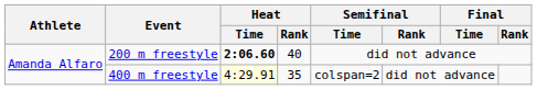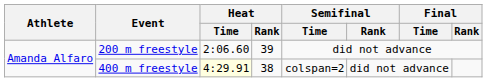 <table class=wikitable style="font-size:90%">
 <tr>
 <th rowspan="2">Athlete</th>
 <th rowspan="2">Event</th>
 <th colspan="2">Heat</th>
 <th colspan="2">Semifinal</th>
 <th colspan="2">Final</th>
 </tr>
 <tr style="font-size:95%">
 <th>Time</th>
 <th>Rank</th>
 <th>Time</th>
 <th>Rank</th>
 <th>Time</th>
 <th>Rank</th>
 </tr>
 <tr align=center>
 <td align=left rowspan=2><a href='#'>Amanda Alfaro</a></td>
 <td align=left><a href='#'>200 m freestyle</a></td>
-<td><strong>2:06.60</strong></td>
-<td>40</td>
+<td>2:06.60</td>
+<td>39</td>
 <td colspan=4>did not advance</td>
 </tr>
 <tr align=center>
 <td align=left><a href='#'>400 m freestyle</a></td>
 <td style="background: lightyellow;">4:29.91</td>
-<td>35</td>
+<td>38</td>
 <td>colspan=2</td>
 <td colspan=2>did not advance</td>
 </tr>
 </table>
